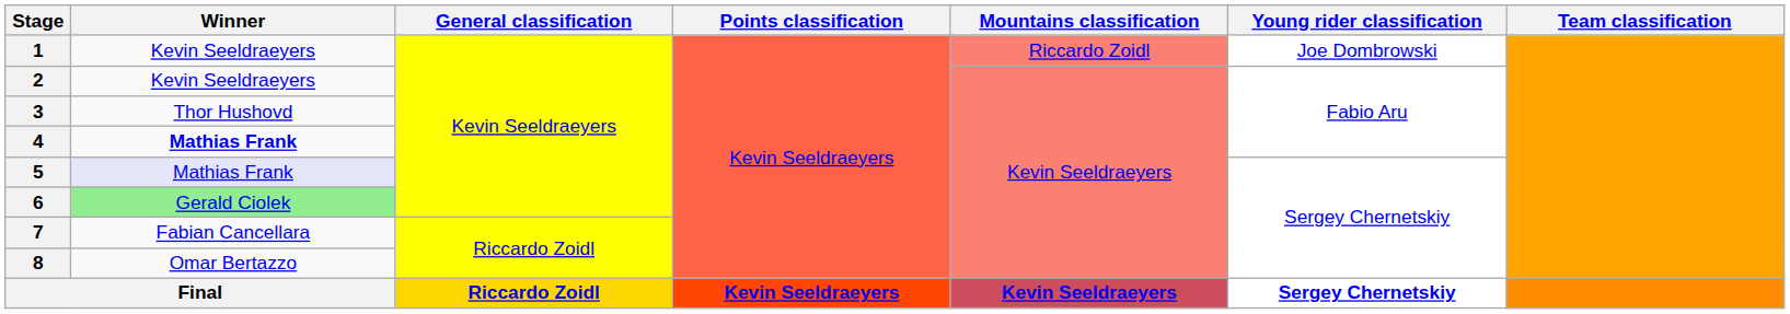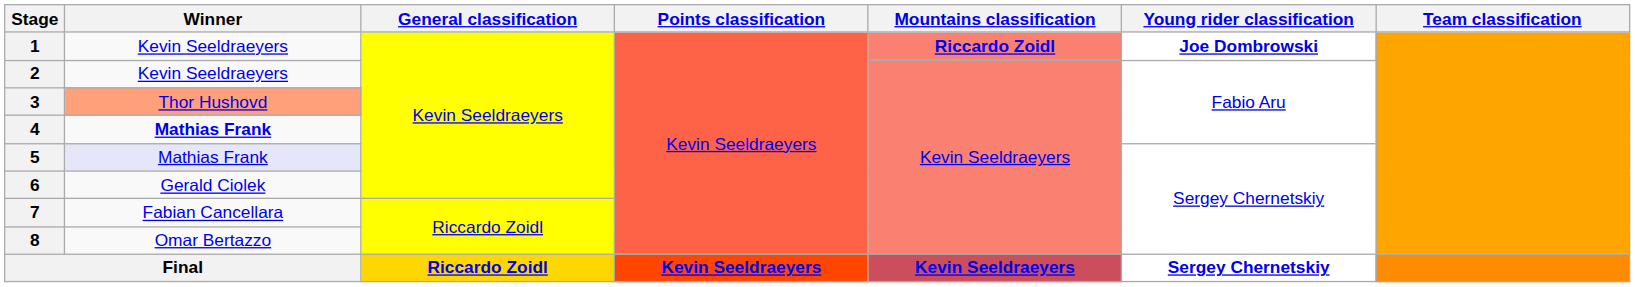 <table class="wikitable" style="text-align: center; font-size:smaller;">
 <tr>
 <th style="width:1%;">Stage</th>
 <th style="width:14%;">Winner</th>
 <th style="width:12%;"><a href='#'>General classification</a><br></th>
 <th style="width:12%;"><a href='#'>Points classification</a><br></th>
 <th style="width:12%;"><a href='#'>Mountains classification</a><br></th>
 <th style="width:12%;"><a href='#'>Young rider classification</a></th>
 <th style="width:12%;"><a href='#'>Team classification</a></th>
 </tr>
 <tr>
 <th>1</th>
 <td><a href='#'>Kevin Seeldraeyers</a></td>
 <td style="background:yellow;" rowspan=6><a href='#'>Kevin Seeldraeyers</a></td>
 <td style="background:tomato;" rowspan=8><a href='#'>Kevin Seeldraeyers</a></td>
-<td style="background:salmon;"><a href='#'>Riccardo Zoidl</a></td>
-<td style="background:white;"><a href='#'>Joe Dombrowski</a></td>
+<td style="background:salmon;"><strong><a href='#'>Riccardo Zoidl</a></strong></td>
+<td style="background:white;"><strong><a href='#'>Joe Dombrowski</a></strong></td>
 <td style="background:orange;" rowspan=8></td>
 </tr>
 <tr>
 <th>2</th>
 <td><a href='#'>Kevin Seeldraeyers</a></td>
 <td style="background:salmon;" rowspan=7><a href='#'>Kevin Seeldraeyers</a></td>
 <td style="background:white;" rowspan=3><a href='#'>Fabio Aru</a></td>
 </tr>
 <tr>
 <th>3</th>
-<td><a href='#'>Thor Hushovd</a></td>
+<td style="background: lightsalmon;"><a href='#'>Thor Hushovd</a></td>
 </tr>
 <tr>
 <th>4</th>
 <td><strong><a href='#'>Mathias Frank</a></strong></td>
 </tr>
 <tr>
 <th>5</th>
 <td style="background: lavender;"><a href='#'>Mathias Frank</a></td>
 <td style="background:white;" rowspan=4><a href='#'>Sergey Chernetskiy</a></td>
 </tr>
 <tr>
 <th>6</th>
-<td style="background: lightgreen;"><a href='#'>Gerald Ciolek</a></td>
+<td><a href='#'>Gerald Ciolek</a></td>
 </tr>
 <tr>
 <th>7</th>
 <td><a href='#'>Fabian Cancellara</a></td>
 <td style="background:yellow;" rowspan=2><a href='#'>Riccardo Zoidl</a></td>
 </tr>
 <tr>
 <th>8</th>
 <td><a href='#'>Omar Bertazzo</a></td>
 </tr>
 <tr>
 <th colspan=2><strong>Final</strong></th>
 <th style="background:gold;"><a href='#'>Riccardo Zoidl</a></th>
 <th style="background:#FF4500;"><a href='#'>Kevin Seeldraeyers</a></th>
 <th style="background:#cc4e5c;"><a href='#'>Kevin Seeldraeyers</a></th>
 <th style="background:white;"><a href='#'>Sergey Chernetskiy</a></th>
 <th style="background:darkorange;"></th>
 </tr>
 </table>
